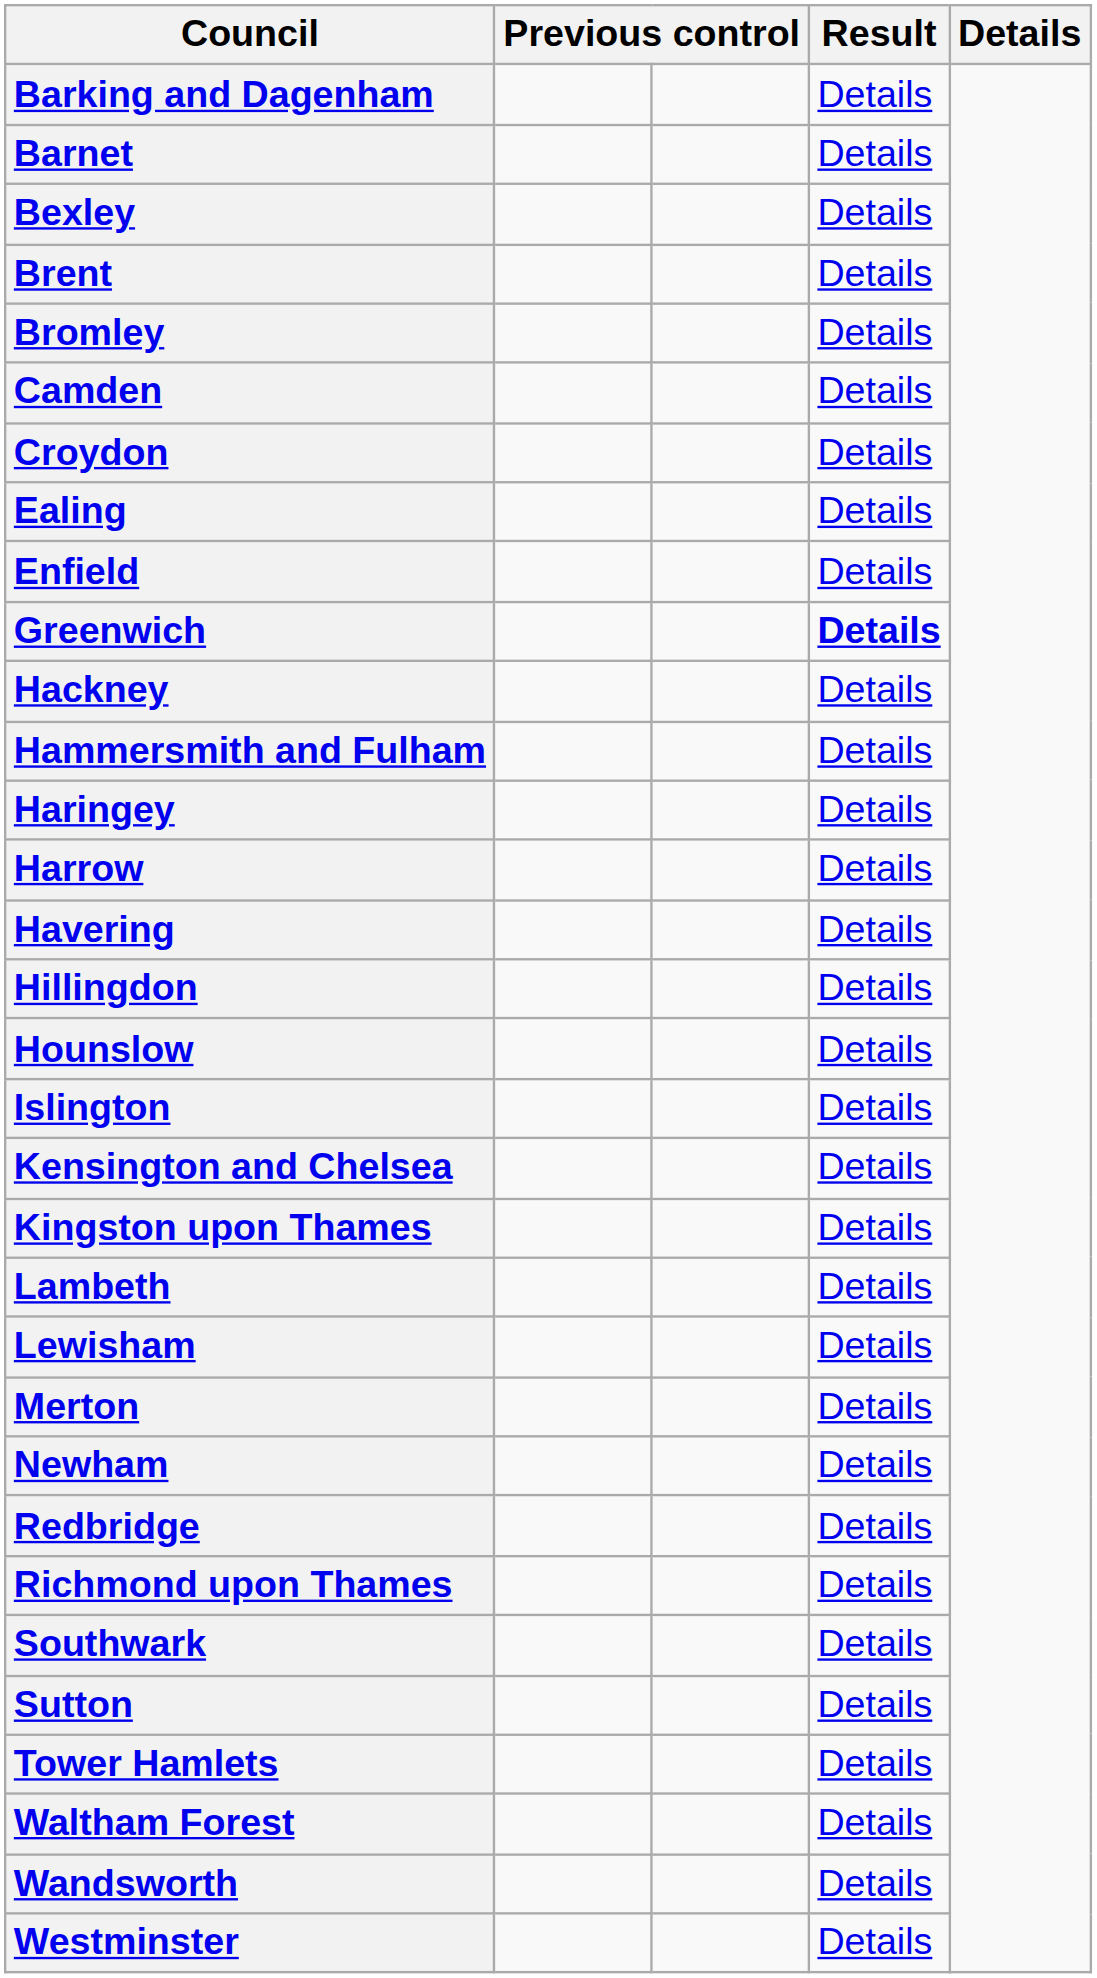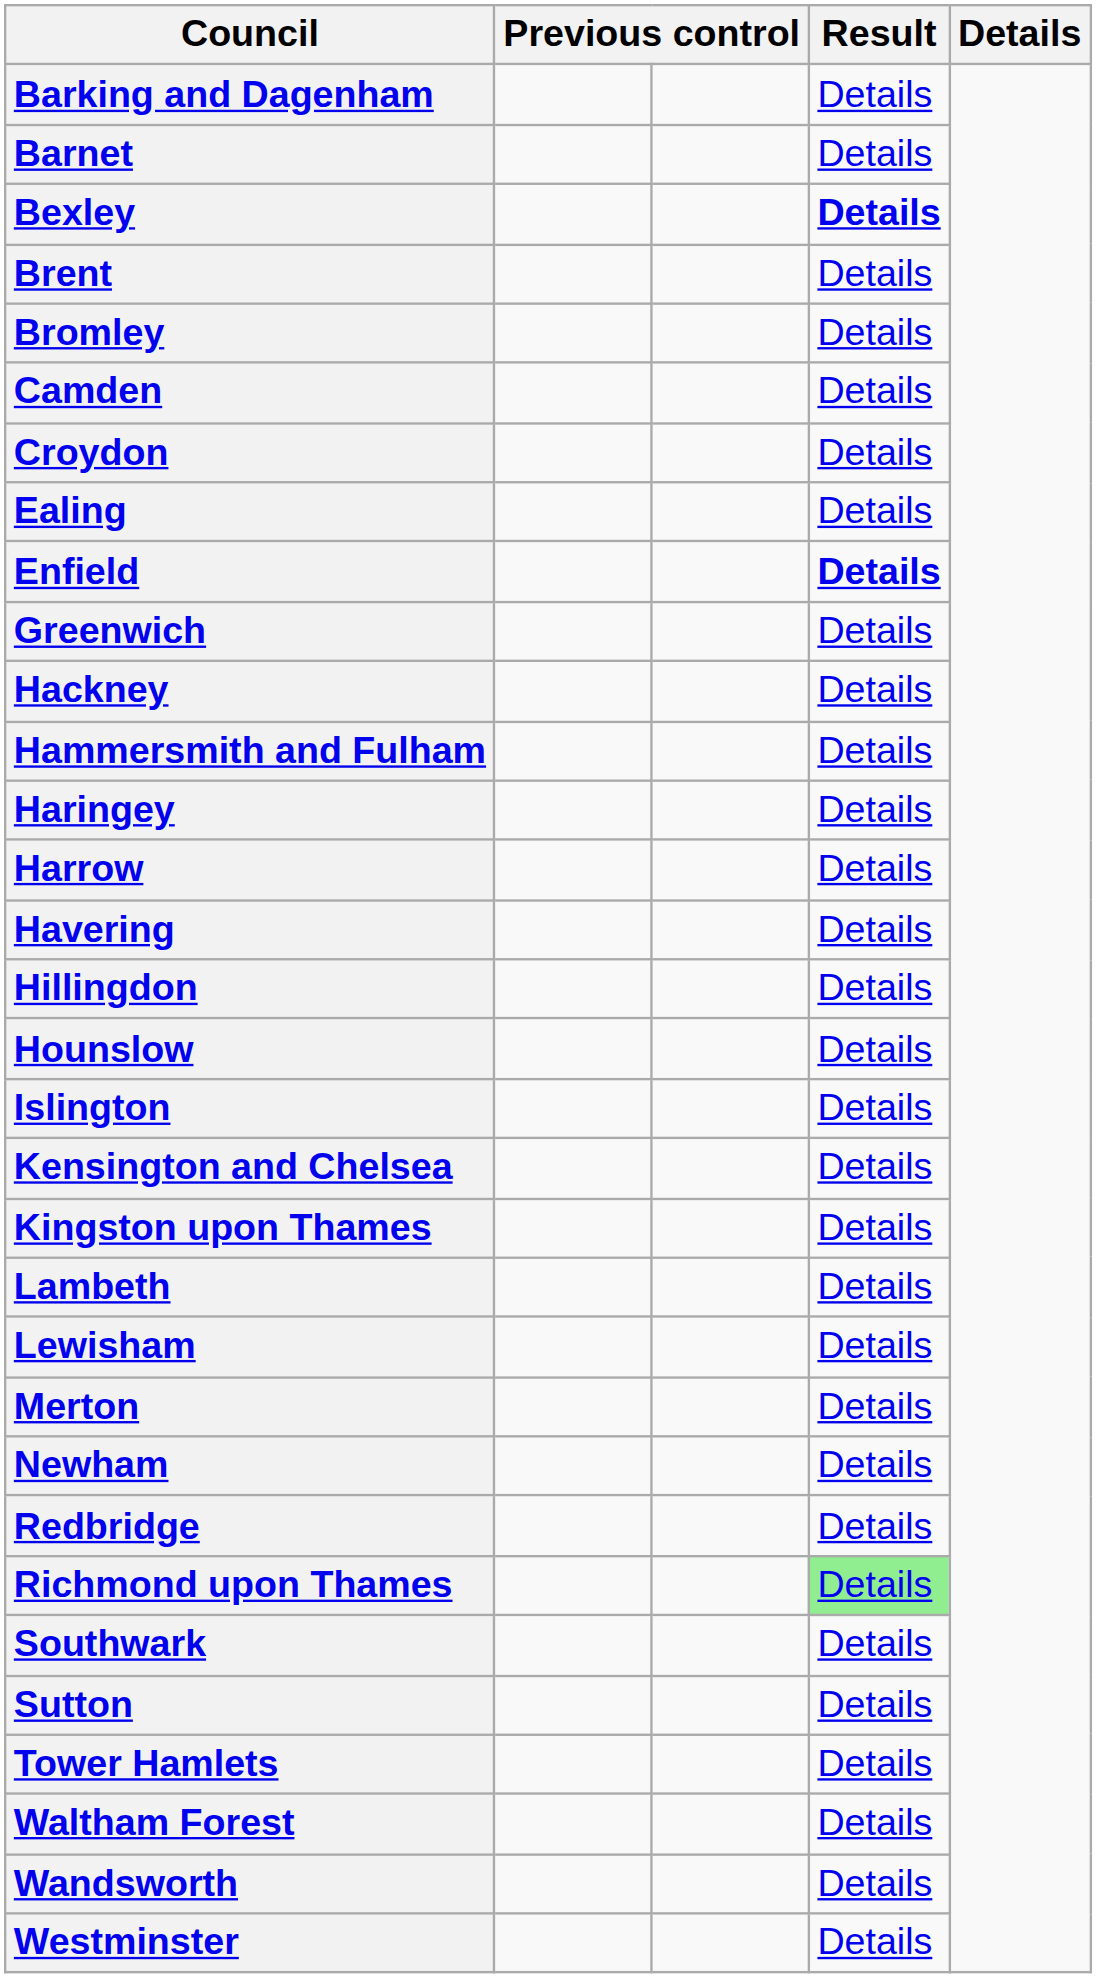 <table class="wikitable">
 <tr>
 <th scope="col">Council</th>
 <th colspan=2>Previous control</th>
 <th colspan=2>Result</th>
 <th scope="col" class="unsortable">Details</th>
 </tr>
 <tr>
 <th scope="row" style="text-align: left;"><a href='#'>Barking and Dagenham</a></th>
 <td></td>
 <td></td>
 <td><a href='#'>Details</a></td>
 </tr>
 <tr>
 <th scope="row" style="text-align: left;"><a href='#'>Barnet</a></th>
 <td></td>
 <td></td>
 <td><a href='#'>Details</a></td>
 </tr>
 <tr>
 <th scope="row" style="text-align: left;"><a href='#'>Bexley</a></th>
 <td></td>
 <td></td>
-<td><a href='#'>Details</a></td>
+<td><strong><a href='#'>Details</a></strong></td>
 </tr>
 <tr>
 <th scope="row" style="text-align: left;"><a href='#'>Brent</a></th>
 <td></td>
 <td></td>
 <td><a href='#'>Details</a></td>
 </tr>
 <tr>
 <th scope="row" style="text-align: left;"><a href='#'>Bromley</a></th>
 <td></td>
 <td></td>
 <td><a href='#'>Details</a></td>
 </tr>
 <tr>
 <th scope="row" style="text-align: left;"><a href='#'>Camden</a></th>
 <td></td>
 <td></td>
 <td><a href='#'>Details</a></td>
 </tr>
 <tr>
 <th scope="row" style="text-align: left;"><a href='#'>Croydon</a></th>
 <td></td>
 <td></td>
 <td><a href='#'>Details</a></td>
 </tr>
 <tr>
 <th scope="row" style="text-align: left;"><a href='#'>Ealing</a></th>
 <td></td>
 <td></td>
 <td><a href='#'>Details</a></td>
 </tr>
 <tr>
 <th scope="row" style="text-align: left;"><a href='#'>Enfield</a></th>
 <td></td>
 <td></td>
-<td><a href='#'>Details</a></td>
+<td><strong><a href='#'>Details</a></strong></td>
 </tr>
 <tr>
 <th scope="row" style="text-align: left;"><a href='#'>Greenwich</a></th>
 <td></td>
 <td></td>
-<td><strong><a href='#'>Details</a></strong></td>
+<td><a href='#'>Details</a></td>
 </tr>
 <tr>
 <th scope="row" style="text-align: left;"><a href='#'>Hackney</a></th>
 <td></td>
 <td></td>
 <td><a href='#'>Details</a></td>
 </tr>
 <tr>
 <th scope="row" style="text-align: left;"><a href='#'>Hammersmith and Fulham</a></th>
 <td></td>
 <td></td>
 <td><a href='#'>Details</a></td>
 </tr>
 <tr>
 <th scope="row" style="text-align: left;"><a href='#'>Haringey</a></th>
 <td></td>
 <td></td>
 <td><a href='#'>Details</a></td>
 </tr>
 <tr>
 <th scope="row" style="text-align: left;"><a href='#'>Harrow</a></th>
 <td></td>
 <td></td>
 <td><a href='#'>Details</a></td>
 </tr>
 <tr>
 <th scope="row" style="text-align: left;"><a href='#'>Havering</a></th>
 <td></td>
 <td></td>
 <td><a href='#'>Details</a></td>
 </tr>
 <tr>
 <th scope="row" style="text-align: left;"><a href='#'>Hillingdon</a></th>
 <td></td>
 <td></td>
 <td><a href='#'>Details</a></td>
 </tr>
 <tr>
 <th scope="row" style="text-align: left;"><a href='#'>Hounslow</a></th>
 <td></td>
 <td></td>
 <td><a href='#'>Details</a></td>
 </tr>
 <tr>
 <th scope="row" style="text-align: left;"><a href='#'>Islington</a></th>
 <td></td>
 <td></td>
 <td><a href='#'>Details</a></td>
 </tr>
 <tr>
 <th scope="row" style="text-align: left;"><a href='#'>Kensington and Chelsea</a></th>
 <td></td>
 <td></td>
 <td><a href='#'>Details</a></td>
 </tr>
 <tr>
 <th scope="row" style="text-align: left;"><a href='#'>Kingston upon Thames</a></th>
 <td></td>
 <td></td>
 <td><a href='#'>Details</a></td>
 </tr>
 <tr>
 <th scope="row" style="text-align: left;"><a href='#'>Lambeth</a></th>
 <td></td>
 <td></td>
 <td><a href='#'>Details</a></td>
 </tr>
 <tr>
 <th scope="row" style="text-align: left;"><a href='#'>Lewisham</a></th>
 <td></td>
 <td></td>
 <td><a href='#'>Details</a></td>
 </tr>
 <tr>
 <th scope="row" style="text-align: left;"><a href='#'>Merton</a></th>
 <td></td>
 <td></td>
 <td><a href='#'>Details</a></td>
 </tr>
 <tr>
 <th scope="row" style="text-align: left;"><a href='#'>Newham</a></th>
 <td></td>
 <td></td>
 <td><a href='#'>Details</a></td>
 </tr>
 <tr>
 <th scope="row" style="text-align: left;"><a href='#'>Redbridge</a></th>
 <td></td>
 <td></td>
 <td><a href='#'>Details</a></td>
 </tr>
 <tr>
 <th scope="row" style="text-align: left;"><a href='#'>Richmond upon Thames</a></th>
 <td></td>
 <td></td>
-<td><a href='#'>Details</a></td>
+<td style="background: lightgreen;"><a href='#'>Details</a></td>
 </tr>
 <tr>
 <th scope="row" style="text-align: left;"><a href='#'>Southwark</a></th>
 <td></td>
 <td></td>
 <td><a href='#'>Details</a></td>
 </tr>
 <tr>
 <th scope="row" style="text-align: left;"><a href='#'>Sutton</a></th>
 <td></td>
 <td></td>
 <td><a href='#'>Details</a></td>
 </tr>
 <tr>
 <th scope="row" style="text-align: left;"><a href='#'>Tower Hamlets</a></th>
 <td></td>
 <td></td>
 <td><a href='#'>Details</a></td>
 </tr>
 <tr>
 <th scope="row" style="text-align: left;"><a href='#'>Waltham Forest</a></th>
 <td></td>
 <td></td>
 <td><a href='#'>Details</a></td>
 </tr>
 <tr>
 <th scope="row" style="text-align: left;"><a href='#'>Wandsworth</a></th>
 <td></td>
 <td></td>
 <td><a href='#'>Details</a></td>
 </tr>
 <tr>
 <th scope="row" style="text-align: left;"><a href='#'>Westminster</a></th>
 <td></td>
 <td></td>
 <td><a href='#'>Details</a></td>
 </tr>
 </table>
